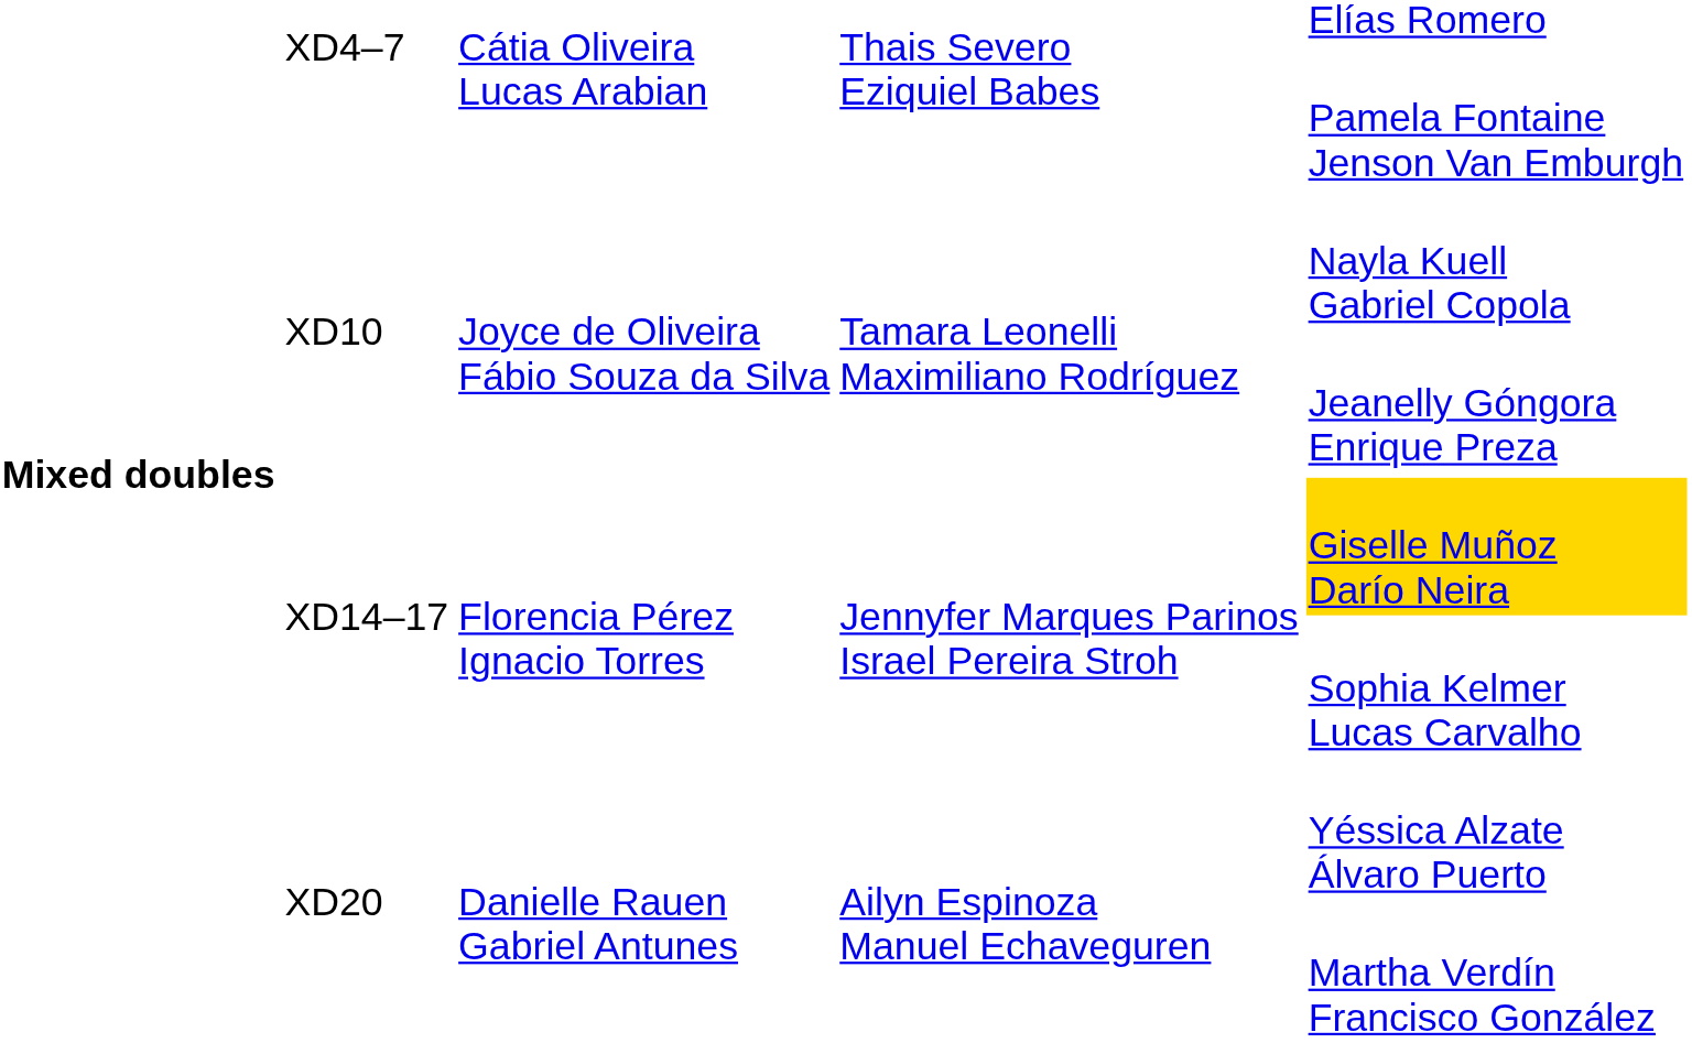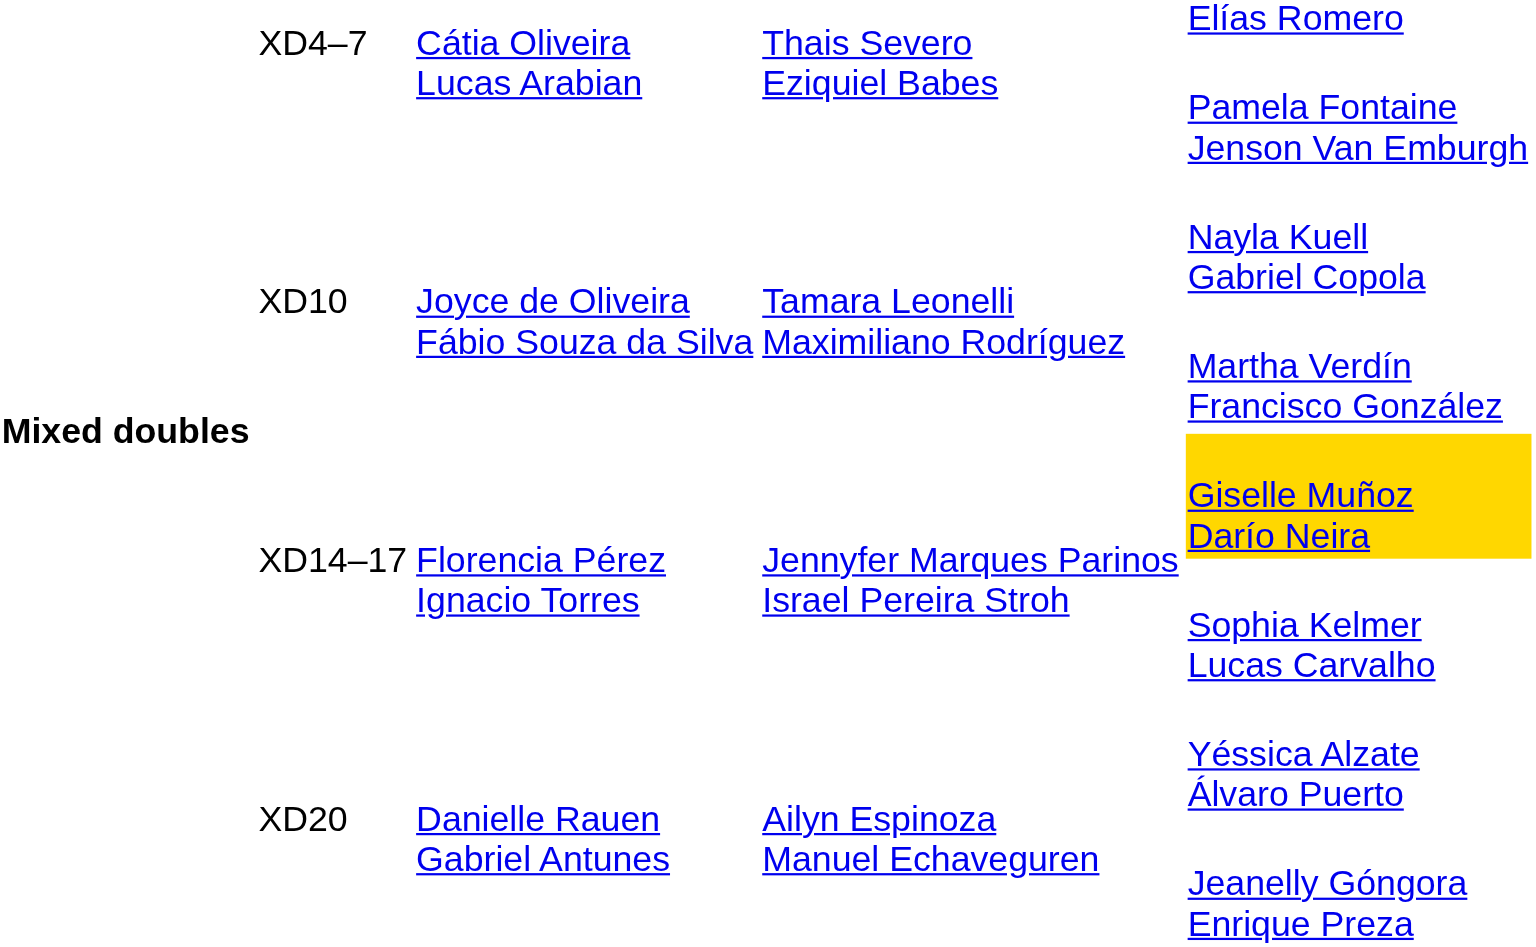 <table>
 <tr>
 <th rowspan="8">Mixed doubles</th>
 <td rowspan=2>XD4–7<br></td>
 <td rowspan=2><br><a href='#'>Cátia Oliveira</a><br><a href='#'>Lucas Arabian</a></td>
 <td rowspan=2><br><a href='#'>Thais Severo</a><br><a href='#'>Eziquiel Babes</a></td>
 <td><br><br><a href='#'>Elías Romero</a></td>
 </tr>
 <tr>
 <td><br><a href='#'>Pamela Fontaine</a><br><a href='#'>Jenson Van Emburgh</a></td>
 </tr>
 <tr>
 <td rowspan=2>XD10<br></td>
 <td rowspan=2><br><a href='#'>Joyce de Oliveira</a><br><a href='#'>Fábio Souza da Silva</a></td>
 <td rowspan=2><br><a href='#'>Tamara Leonelli</a><br><a href='#'>Maximiliano Rodríguez</a></td>
 <td><br><a href='#'>Nayla Kuell</a><br><a href='#'>Gabriel Copola</a></td>
 </tr>
 <tr>
-<td><br><a href='#'>Jeanelly Góngora</a><br><a href='#'>Enrique Preza</a></td>
+<td><br><a href='#'>Martha Verdín</a><br><a href='#'>Francisco González</a></td>
 </tr>
 <tr>
 <td rowspan=2>XD14–17<br></td>
 <td rowspan=2><br><a href='#'>Florencia Pérez</a><br><a href='#'>Ignacio Torres</a></td>
 <td rowspan=2><br><a href='#'>Jennyfer Marques Parinos</a><br><a href='#'>Israel Pereira Stroh</a></td>
 <td style="background: gold;"><br><a href='#'>Giselle Muñoz</a><br><a href='#'>Darío Neira</a></td>
 </tr>
 <tr>
 <td><br><a href='#'>Sophia Kelmer</a><br><a href='#'>Lucas Carvalho</a></td>
 </tr>
 <tr>
 <td rowspan=2>XD20<br></td>
 <td rowspan=2><br><a href='#'>Danielle Rauen</a><br><a href='#'>Gabriel Antunes</a></td>
 <td rowspan=2><br><a href='#'>Ailyn Espinoza</a><br><a href='#'>Manuel Echaveguren</a></td>
 <td><br><a href='#'>Yéssica Alzate</a><br><a href='#'>Álvaro Puerto</a></td>
 </tr>
 <tr>
-<td><br><a href='#'>Martha Verdín</a><br><a href='#'>Francisco González</a></td>
+<td><br><a href='#'>Jeanelly Góngora</a><br><a href='#'>Enrique Preza</a></td>
 </tr>
 </table>
